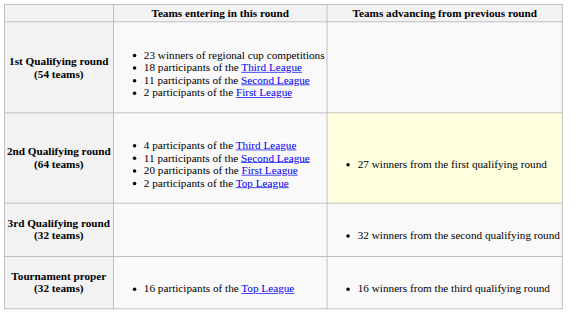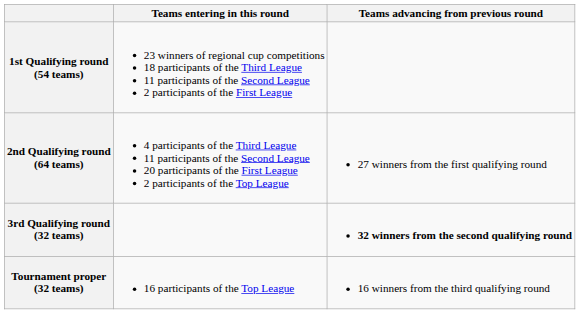 <table class="wikitable">
 <tr>
 <th colspan=2></th>
 <th>Teams entering in this round</th>
 <th>Teams advancing from previous round</th>
 </tr>
 <tr>
 <th colspan=2>1st Qualifying round<br> (54 teams)</th>
 <td><br><ul><li>23 winners of regional cup competitions</li><li>18 participants of the <a href='#'>Third League</a></li><li>11 participants of the <a href='#'>Second League</a></li><li>2 participants of the <a href='#'>First League</a></li></ul></td>
 <td></td>
 </tr>
 <tr>
 <th colspan=2>2nd Qualifying round<br> (64 teams)</th>
 <td><br><ul><li>4 participants of the <a href='#'>Third League</a></li><li>11 participants of the <a href='#'>Second League</a></li><li>20 participants of the <a href='#'>First League</a></li><li>2 participants of the <a href='#'>Top League</a></li></ul></td>
-<td style="background: lightyellow;"><br><ul><li>27 winners from the first qualifying round</li></ul></td>
+<td><br><ul><li>27 winners from the first qualifying round</li></ul></td>
 </tr>
 <tr>
 <th colspan=2>3rd Qualifying round<br> (32 teams)</th>
 <td></td>
-<td><br><ul><li>32 winners from the second qualifying round</li></ul></td>
+<td><strong><br><ul><li>32 winners from the second qualifying round</li></ul></strong></td>
 </tr>
 <tr>
 <th colspan=2>Tournament proper<br> (32 teams)</th>
 <td><br><ul><li>16 participants of the <a href='#'>Top League</a></li></ul></td>
 <td><br><ul><li>16 winners from the third qualifying round</li></ul></td>
 </tr>
 </table>
